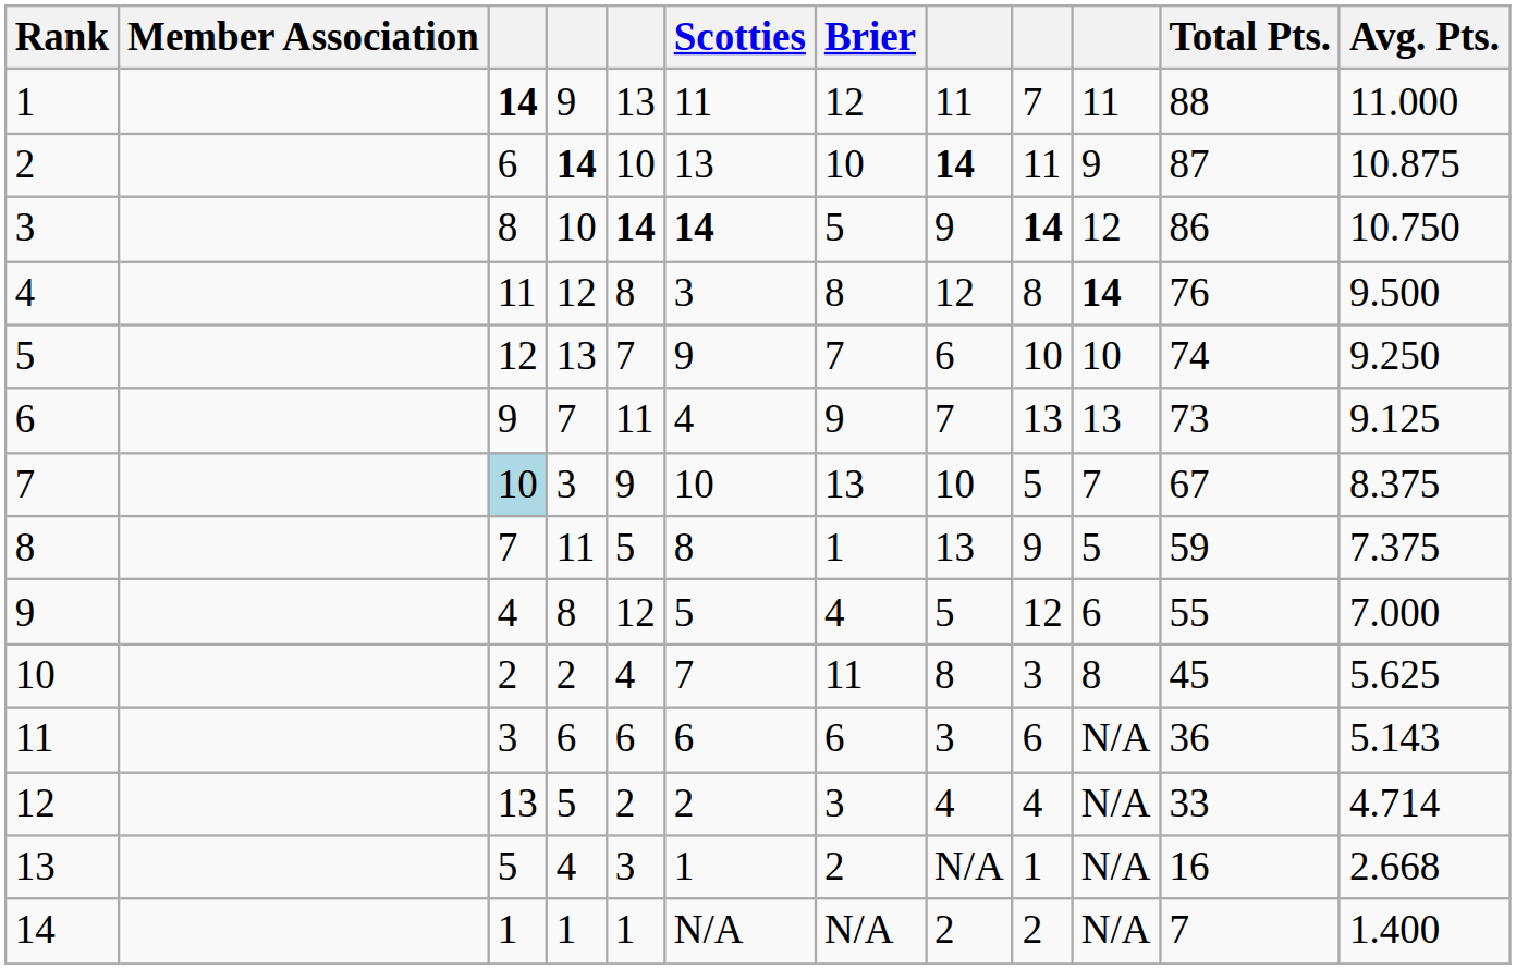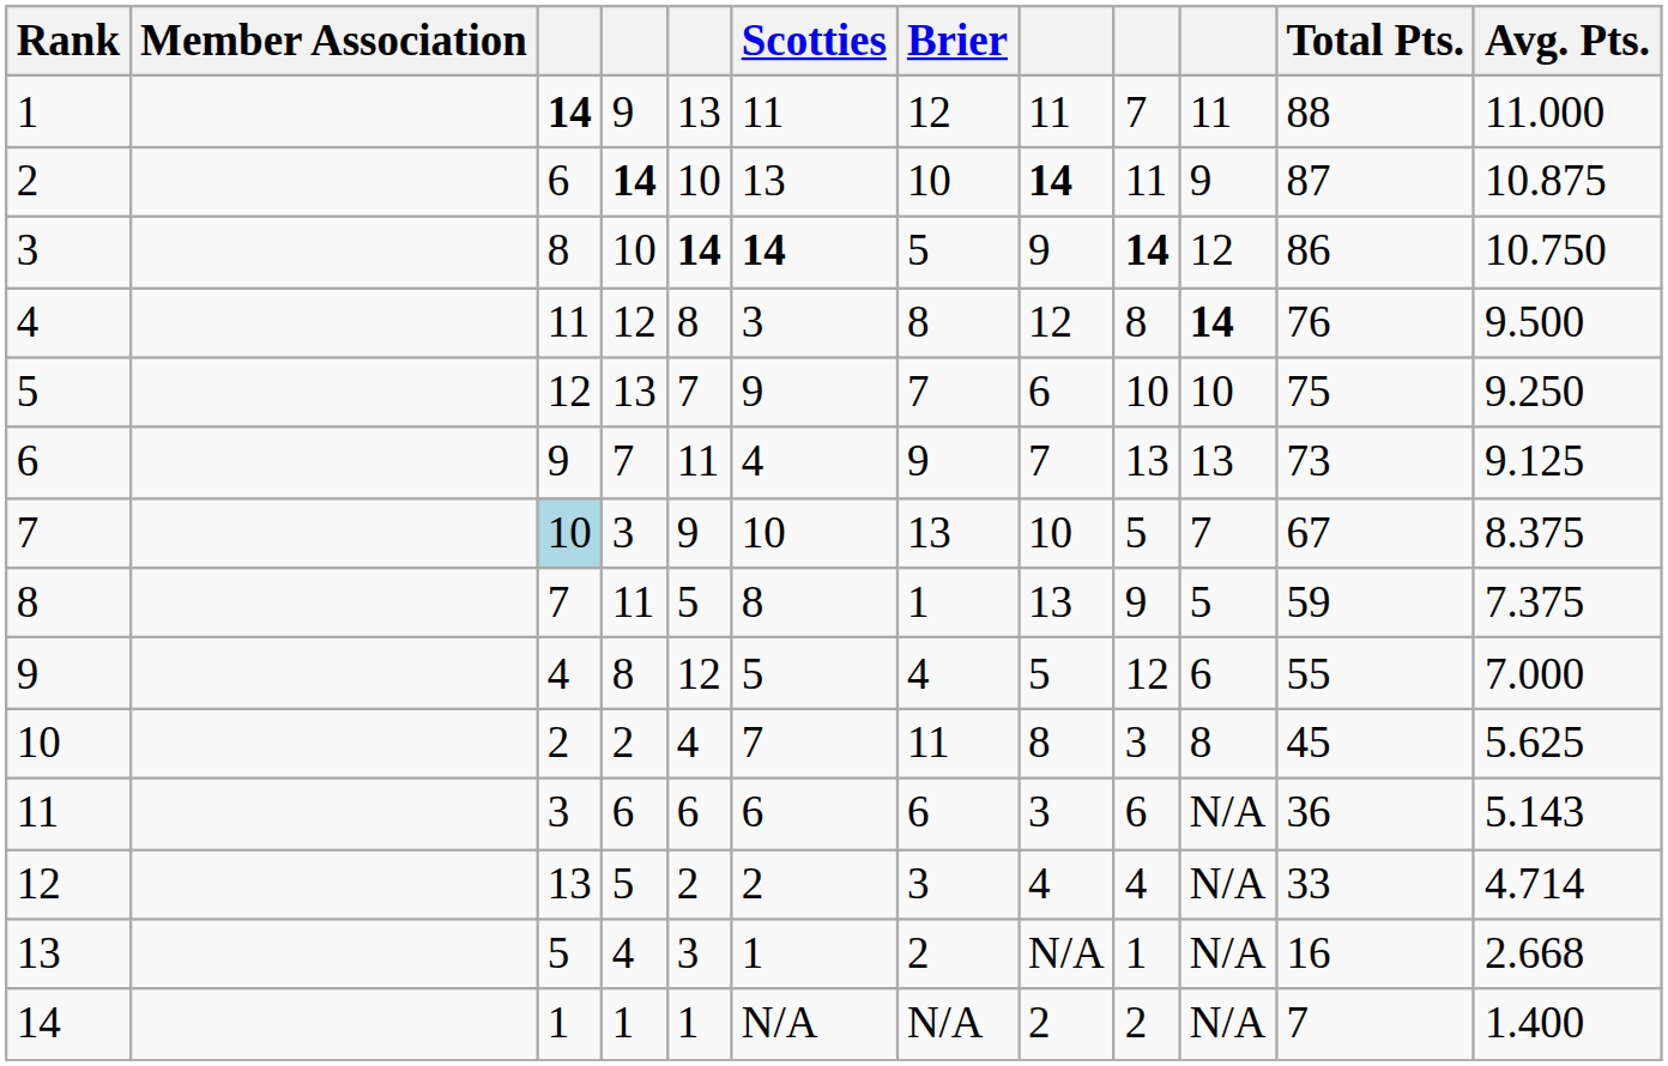 <table class="wikitable sortable">
 <tr>
 <th>Rank</th>
 <th>Member Association</th>
 <th></th>
 <th></th>
 <th></th>
 <th><a href='#'>Scotties</a></th>
 <th><a href='#'>Brier</a></th>
 <th></th>
 <th></th>
 <th></th>
 <th>Total Pts.</th>
 <th>Avg. Pts.</th>
 </tr>
 <tr>
 <td>1</td>
 <td></td>
 <td><strong>14</strong></td>
 <td>9</td>
 <td>13</td>
 <td>11</td>
 <td>12</td>
 <td>11</td>
 <td>7</td>
 <td>11</td>
 <td>88</td>
 <td>11.000</td>
 </tr>
 <tr>
 <td>2</td>
 <td></td>
 <td>6</td>
 <td><strong>14</strong></td>
 <td>10</td>
 <td>13</td>
 <td>10</td>
 <td><strong>14</strong></td>
 <td>11</td>
 <td>9</td>
 <td>87</td>
 <td>10.875</td>
 </tr>
 <tr>
 <td>3</td>
 <td></td>
 <td>8</td>
 <td>10</td>
 <td><strong>14</strong></td>
 <td><strong>14</strong></td>
 <td>5</td>
 <td>9</td>
 <td><strong>14</strong></td>
 <td>12</td>
 <td>86</td>
 <td>10.750</td>
 </tr>
 <tr>
 <td>4</td>
 <td></td>
 <td>11</td>
 <td>12</td>
 <td>8</td>
 <td>3</td>
 <td>8</td>
 <td>12</td>
 <td>8</td>
 <td><strong>14</strong></td>
 <td>76</td>
 <td>9.500</td>
 </tr>
 <tr>
 <td>5</td>
 <td></td>
 <td>12</td>
 <td>13</td>
 <td>7</td>
 <td>9</td>
 <td>7</td>
 <td>6</td>
 <td>10</td>
 <td>10</td>
-<td>74</td>
+<td>75</td>
 <td>9.250</td>
 </tr>
 <tr>
 <td>6</td>
 <td></td>
 <td>9</td>
 <td>7</td>
 <td>11</td>
 <td>4</td>
 <td>9</td>
 <td>7</td>
 <td>13</td>
 <td>13</td>
 <td>73</td>
 <td>9.125</td>
 </tr>
 <tr>
 <td>7</td>
 <td></td>
 <td style="background: lightblue;">10</td>
 <td>3</td>
 <td>9</td>
 <td>10</td>
 <td>13</td>
 <td>10</td>
 <td>5</td>
 <td>7</td>
 <td>67</td>
 <td>8.375</td>
 </tr>
 <tr>
 <td>8</td>
 <td></td>
 <td>7</td>
 <td>11</td>
 <td>5</td>
 <td>8</td>
 <td>1</td>
 <td>13</td>
 <td>9</td>
 <td>5</td>
 <td>59</td>
 <td>7.375</td>
 </tr>
 <tr>
 <td>9</td>
 <td></td>
 <td>4</td>
 <td>8</td>
 <td>12</td>
 <td>5</td>
 <td>4</td>
 <td>5</td>
 <td>12</td>
 <td>6</td>
 <td>55</td>
 <td>7.000</td>
 </tr>
 <tr>
 <td>10</td>
 <td></td>
 <td>2</td>
 <td>2</td>
 <td>4</td>
 <td>7</td>
 <td>11</td>
 <td>8</td>
 <td>3</td>
 <td>8</td>
 <td>45</td>
 <td>5.625</td>
 </tr>
 <tr>
 <td>11</td>
 <td></td>
 <td>3</td>
 <td>6</td>
 <td>6</td>
 <td>6</td>
 <td>6</td>
 <td>3</td>
 <td>6</td>
 <td>N/A</td>
 <td>36</td>
 <td>5.143</td>
 </tr>
 <tr>
 <td>12</td>
 <td></td>
 <td>13</td>
 <td>5</td>
 <td>2</td>
 <td>2</td>
 <td>3</td>
 <td>4</td>
 <td>4</td>
 <td>N/A</td>
 <td>33</td>
 <td>4.714</td>
 </tr>
 <tr>
 <td>13</td>
 <td></td>
 <td>5</td>
 <td>4</td>
 <td>3</td>
 <td>1</td>
 <td>2</td>
 <td>N/A</td>
 <td>1</td>
 <td>N/A</td>
 <td>16</td>
 <td>2.668</td>
 </tr>
 <tr>
 <td>14</td>
 <td></td>
 <td>1</td>
 <td>1</td>
 <td>1</td>
 <td>N/A</td>
 <td>N/A</td>
 <td>2</td>
 <td>2</td>
 <td>N/A</td>
 <td>7</td>
 <td>1.400</td>
 </tr>
 </table>
